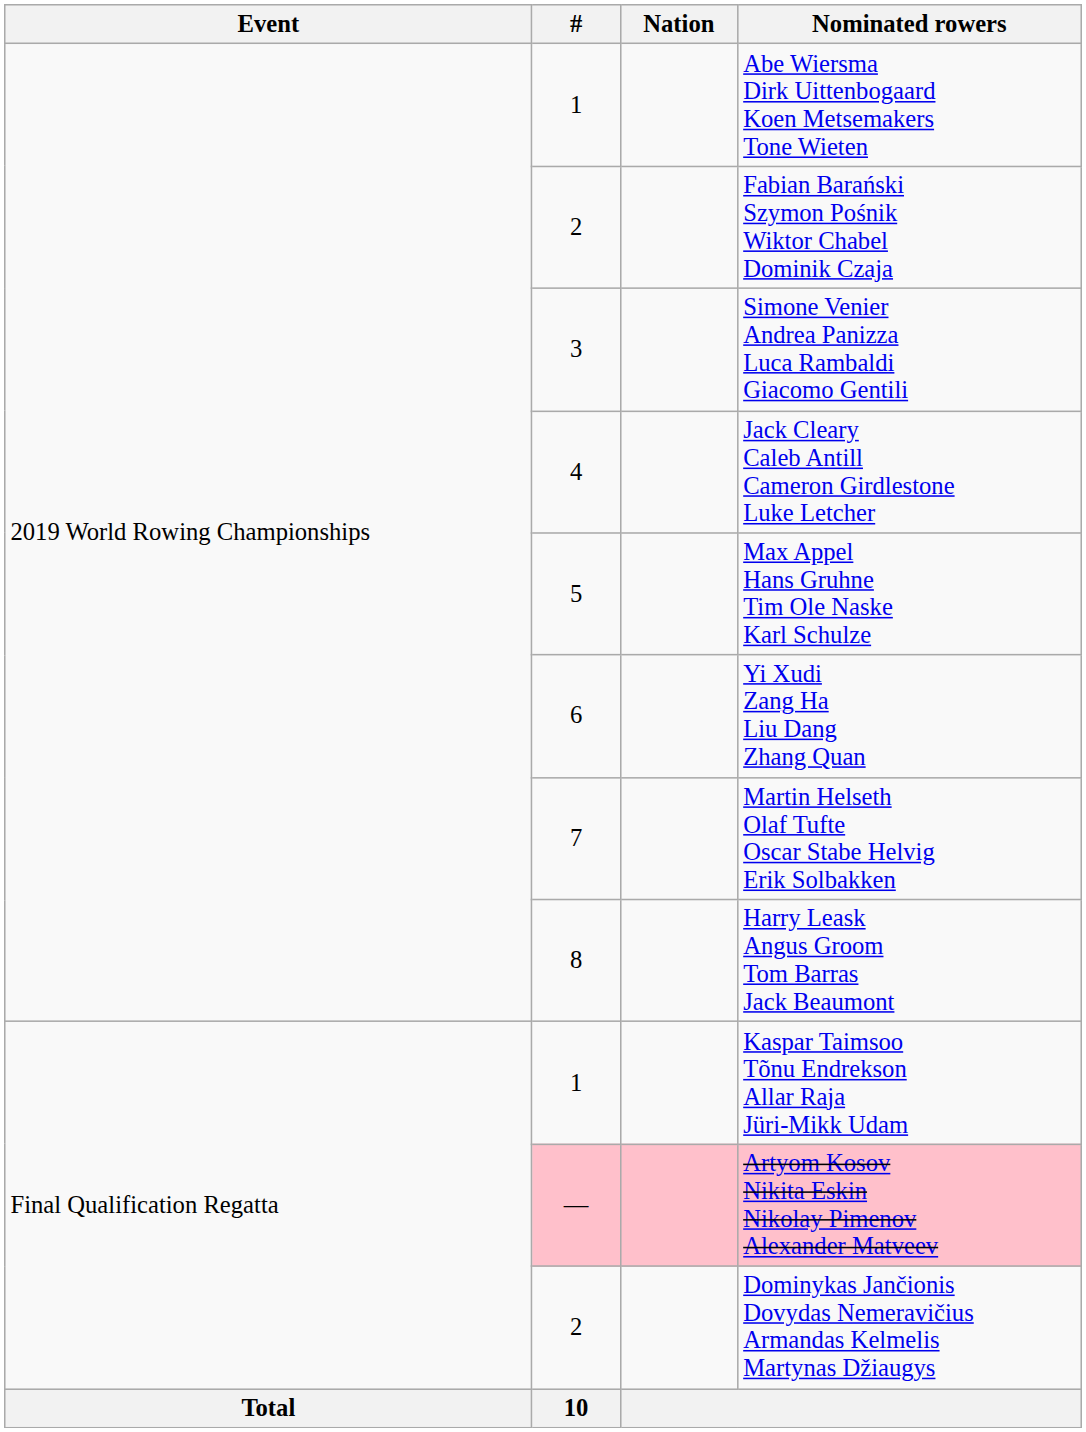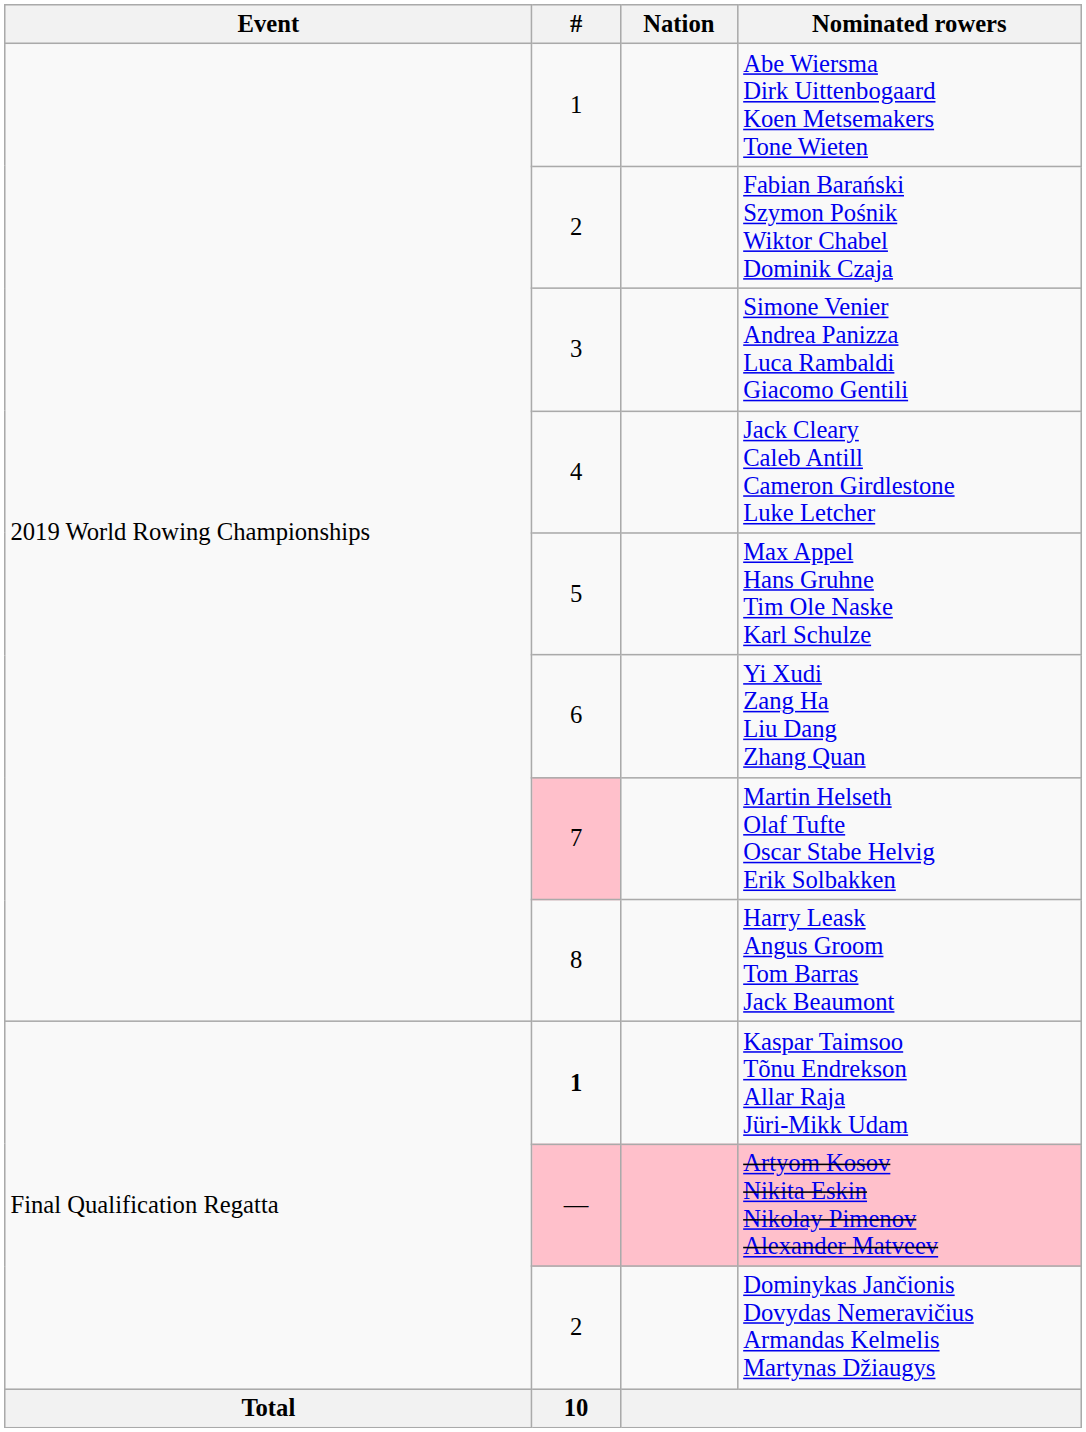 <table class="wikitable"  style="width:700px; text-align:center;">
 <tr>
 <th>Event</th>
 <th width=50>#</th>
 <th>Nation</th>
 <th>Nominated rowers</th>
 </tr>
 <tr>
 <td rowspan=8 align=left>2019 World Rowing Championships</td>
 <td>1</td>
 <td align=left></td>
 <td align=left><a href='#'>Abe Wiersma</a><br><a href='#'>Dirk Uittenbogaard</a><br><a href='#'>Koen Metsemakers</a><br><a href='#'>Tone Wieten</a></td>
 </tr>
 <tr>
 <td>2</td>
 <td align=left></td>
 <td align=left><a href='#'>Fabian Barański</a><br><a href='#'>Szymon Pośnik</a><br><a href='#'>Wiktor Chabel</a><br><a href='#'>Dominik Czaja</a></td>
 </tr>
 <tr>
 <td>3</td>
 <td align=left></td>
 <td align=left><a href='#'>Simone Venier</a><br><a href='#'>Andrea Panizza</a><br><a href='#'>Luca Rambaldi</a><br><a href='#'>Giacomo Gentili</a></td>
 </tr>
 <tr>
 <td>4</td>
 <td align=left></td>
 <td align=left><a href='#'>Jack Cleary</a><br><a href='#'>Caleb Antill</a><br><a href='#'>Cameron Girdlestone</a><br><a href='#'>Luke Letcher</a></td>
 </tr>
 <tr>
 <td>5</td>
 <td align=left></td>
 <td align=left><a href='#'>Max Appel</a><br><a href='#'>Hans Gruhne</a><br><a href='#'>Tim Ole Naske</a><br><a href='#'>Karl Schulze</a></td>
 </tr>
 <tr>
 <td>6</td>
 <td align=left></td>
 <td align=left><a href='#'>Yi Xudi</a><br><a href='#'>Zang Ha</a><br><a href='#'>Liu Dang</a><br><a href='#'>Zhang Quan</a></td>
 </tr>
 <tr>
-<td>7</td>
+<td style="background: pink;">7</td>
 <td align=left></td>
 <td align=left><a href='#'>Martin Helseth</a><br><a href='#'>Olaf Tufte</a><br><a href='#'>Oscar Stabe Helvig</a><br><a href='#'>Erik Solbakken</a></td>
 </tr>
 <tr>
 <td>8</td>
 <td align=left></td>
 <td align=left><a href='#'>Harry Leask</a><br><a href='#'>Angus Groom</a><br><a href='#'>Tom Barras</a><br><a href='#'>Jack Beaumont</a></td>
 </tr>
 <tr>
 <td rowspan=3 align=left>Final Qualification Regatta</td>
-<td>1</td>
+<td><strong>1</strong></td>
 <td align=left></td>
 <td align=left><a href='#'>Kaspar Taimsoo</a><br><a href='#'>Tõnu Endrekson</a><br><a href='#'>Allar Raja</a><br><a href='#'>Jüri-Mikk Udam</a></td>
 </tr>
 <tr style="background:pink;">
 <td>—</td>
 <td align=left><s></s></td>
 <td align=left><s><a href='#'>Artyom Kosov</a><br><a href='#'>Nikita Eskin</a><br><a href='#'>Nikolay Pimenov</a><br><a href='#'>Alexander Matveev</a></s></td>
 </tr>
 <tr>
 <td>2</td>
 <td align=left></td>
 <td align=left><a href='#'>Dominykas Jančionis</a><br><a href='#'>Dovydas Nemeravičius</a><br><a href='#'>Armandas Kelmelis</a><br><a href='#'>Martynas Džiaugys</a></td>
 </tr>
 <tr>
 <th>Total</th>
 <th>10</th>
 <th colspan=2></th>
 </tr>
 </table>
